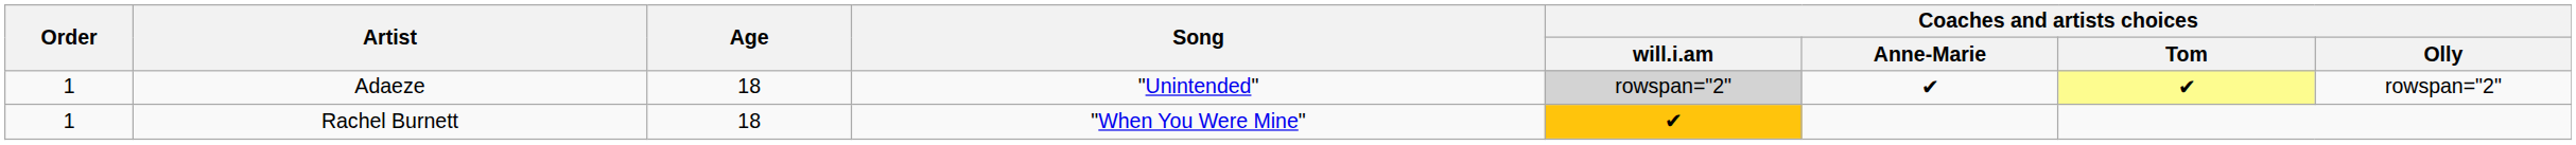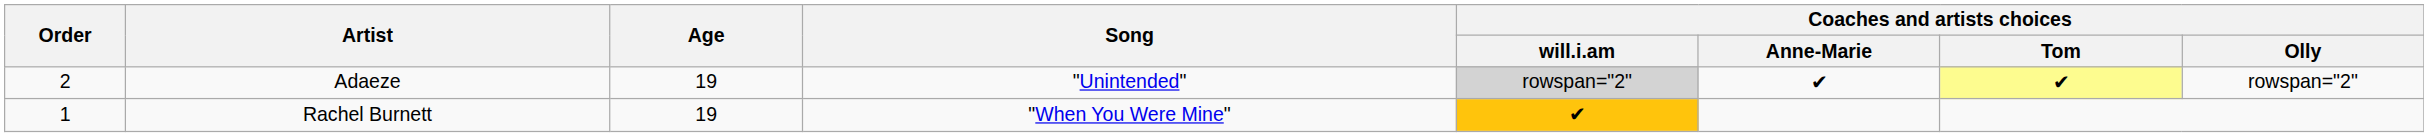 <table class="wikitable" style="text-align:center; width:100%">
 <tr>
 <th rowspan="2" scope="col" style="width:05%">Order</th>
 <th rowspan="2" scope="col" style="width:20%">Artist</th>
 <th scope="col" rowspan="2" style="width:08%">Age</th>
 <th scope="col" rowspan="2" style="width:27%">Song</th>
 <th scope="col" colspan="4" style="width:40%">Coaches and artists choices</th>
 </tr>
 <tr>
 <th style="width:10%">will.i.am</th>
 <th style="width:10%">Anne-Marie</th>
 <th style="width:10%">Tom</th>
 <th style="width:10%">Olly</th>
 </tr>
 <tr>
-<td>1</td>
+<td>2</td>
 <td>Adaeze</td>
-<td>18</td>
+<td>19</td>
 <td>"<a href='#'>Unintended</a>"</td>
 <td style="background: lightgrey;">rowspan="2" </td>
 <td>✔</td>
 <td style="background:#fdfc8f">✔</td>
 <td>rowspan="2" </td>
 </tr>
 <tr>
 <td>1</td>
 <td>Rachel Burnett</td>
-<td>18</td>
+<td>19</td>
 <td>"<a href='#'>When You Were Mine</a>"</td>
 <td style="background:#FFC40C">✔</td>
 <td></td>
 </tr>
 </table>
